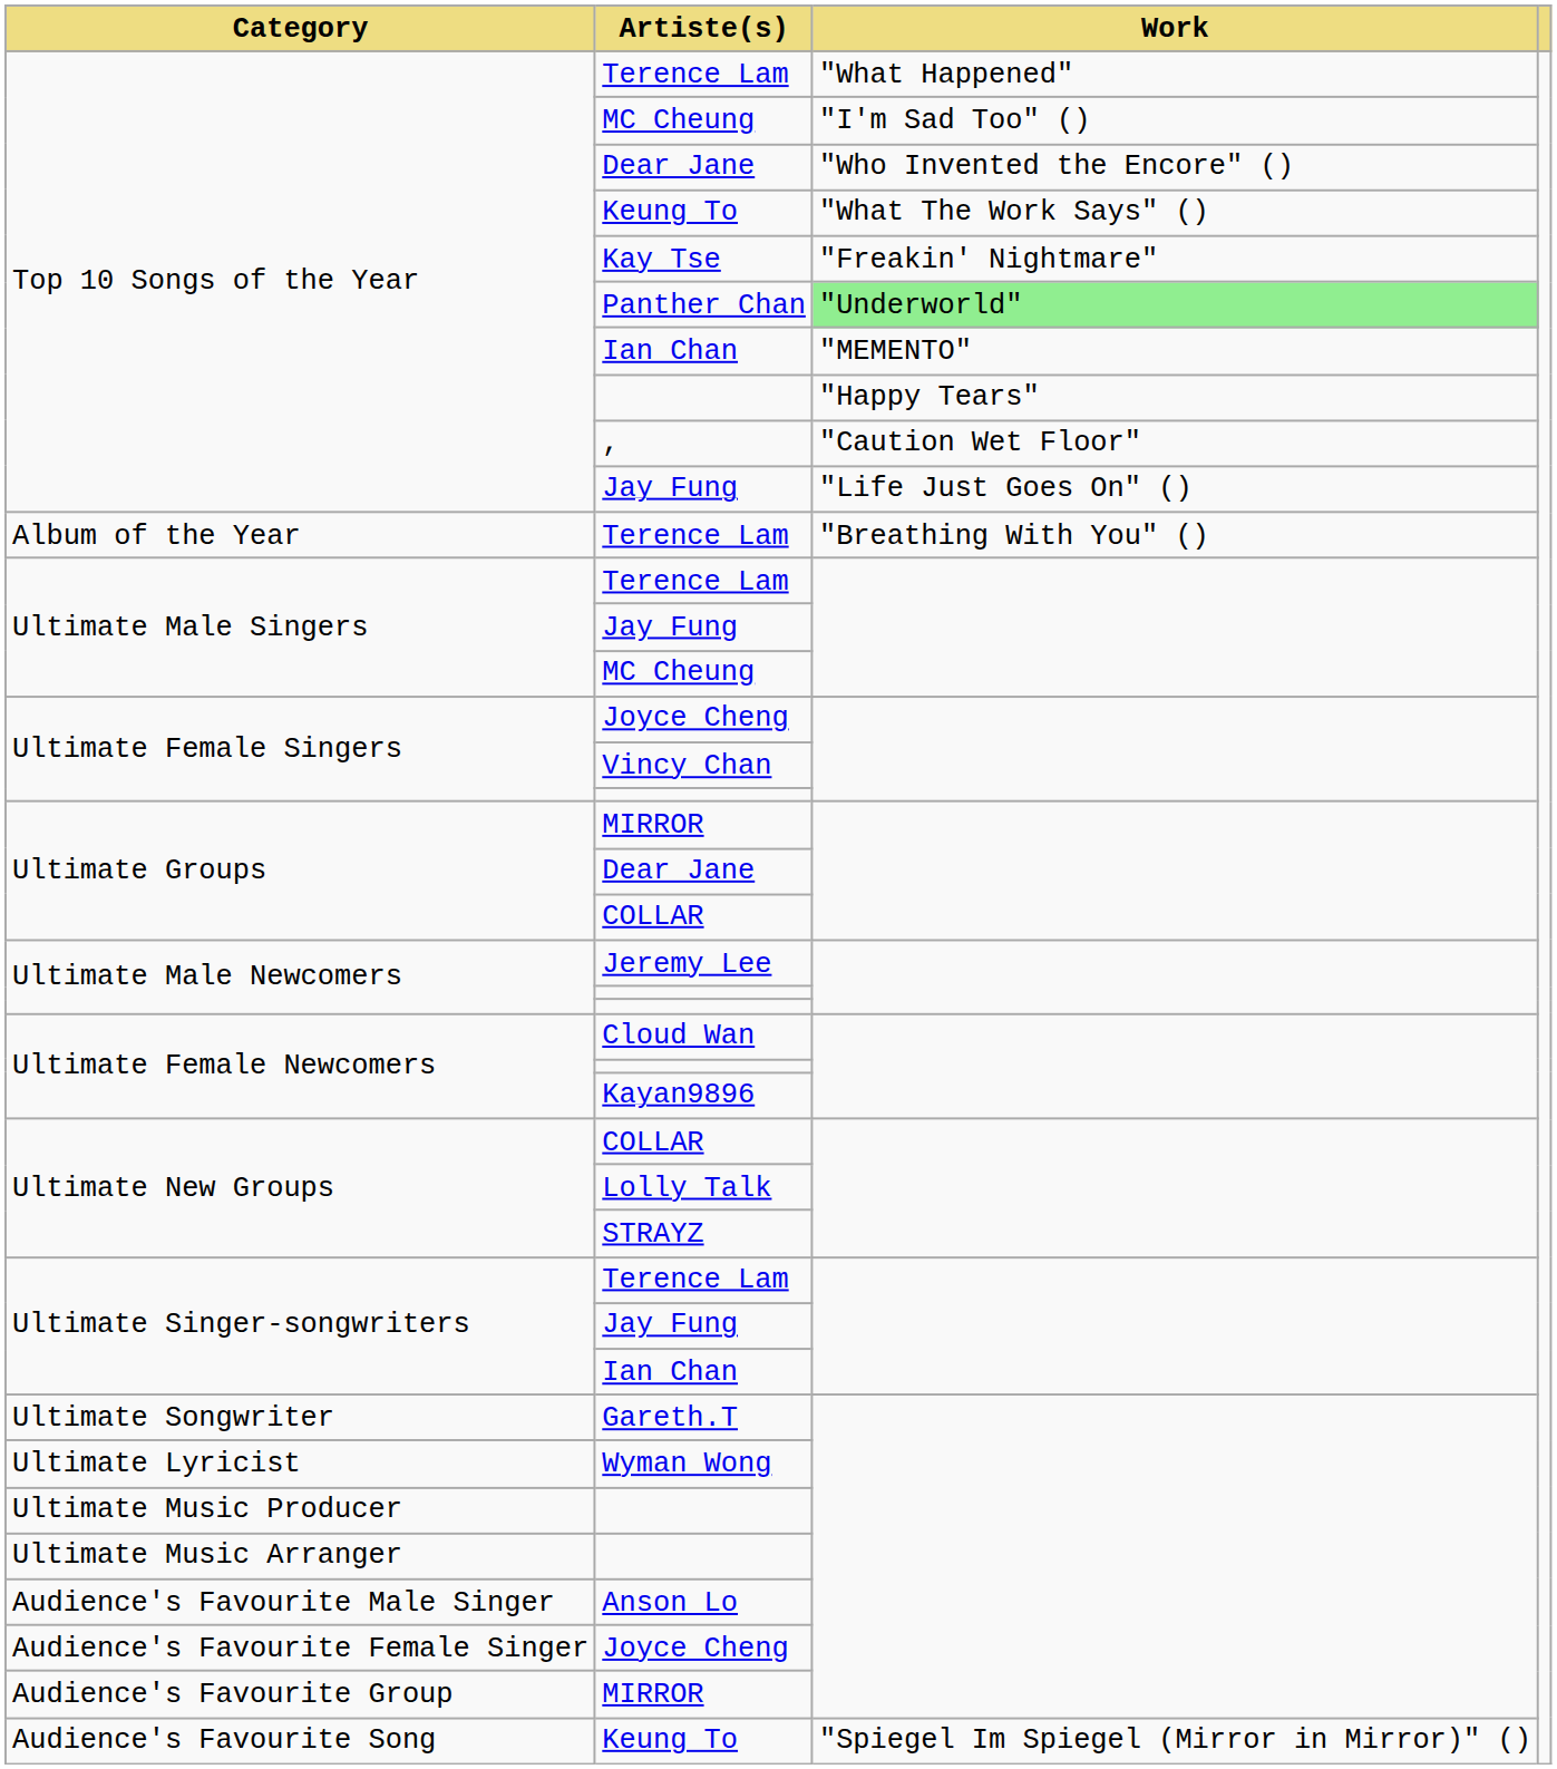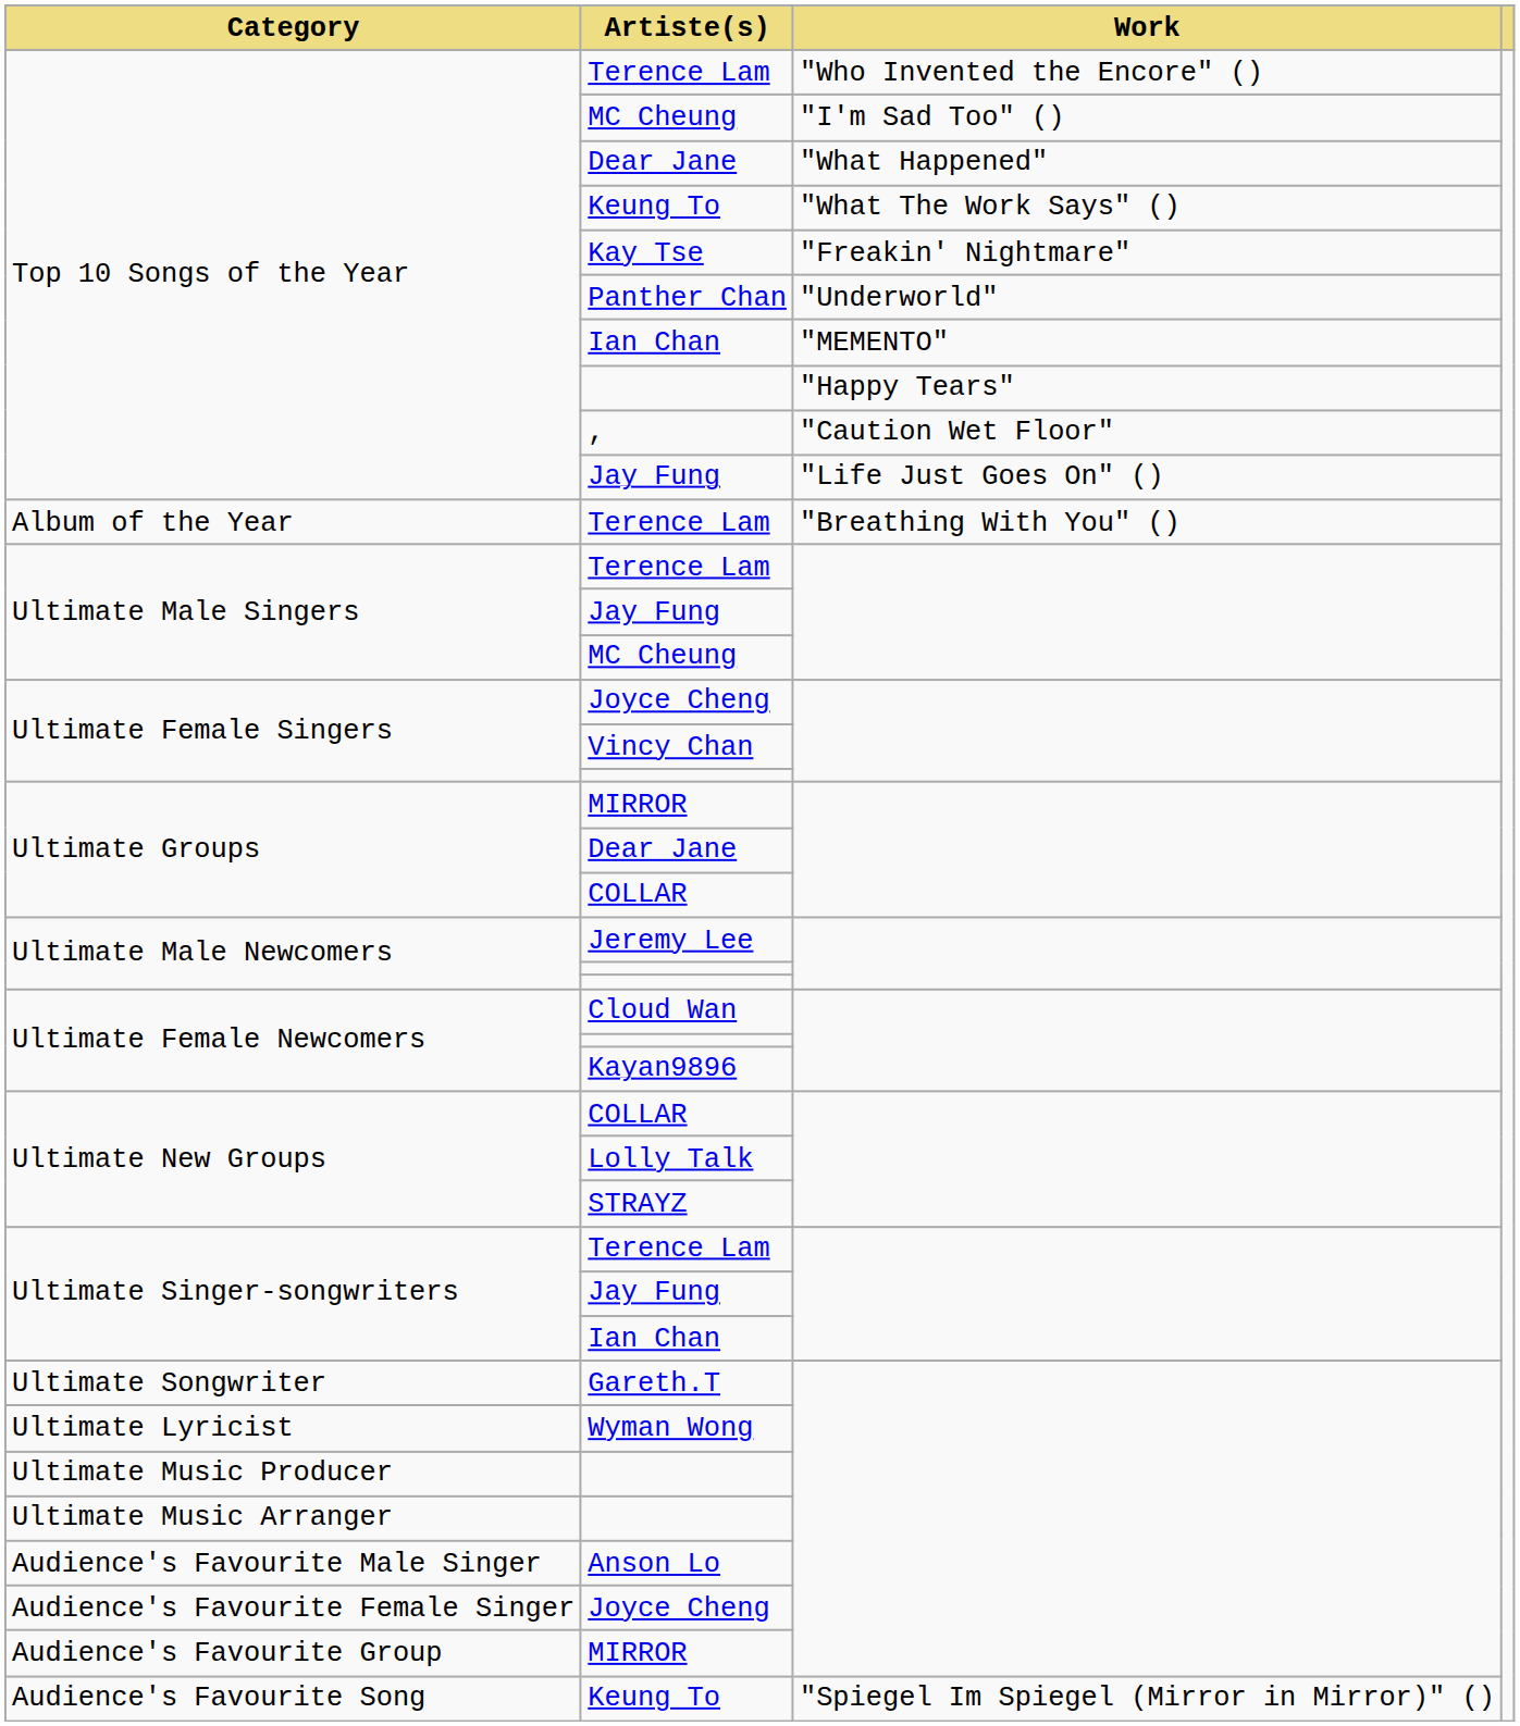 <table class="wikitable">
 <tr>
 <th style="background:#EEDD82">Category</th>
 <th style="background:#EEDD82">Artiste(s)</th>
 <th style="background:#EEDD82">Work</th>
 <th style="background:#EEDD82"></th>
 </tr>
 <tr>
 <td rowspan="10">Top 10 Songs of the Year</td>
 <td><a href='#'>Terence Lam</a></td>
-<td>"What Happened"</td>
+<td>"Who Invented the Encore" ()</td>
 <td rowspan="43"></td>
 </tr>
 <tr>
 <td><a href='#'>MC Cheung</a></td>
 <td>"I'm Sad Too" ()</td>
 </tr>
 <tr>
 <td><a href='#'>Dear Jane</a></td>
-<td>"Who Invented the Encore" ()</td>
+<td>"What Happened"</td>
 </tr>
 <tr>
 <td><a href='#'>Keung To</a></td>
 <td>"What The Work Says" ()</td>
 </tr>
 <tr>
 <td><a href='#'>Kay Tse</a></td>
 <td>"Freakin' Nightmare"</td>
 </tr>
 <tr>
 <td><a href='#'>Panther Chan</a></td>
-<td style="background: lightgreen;">"Underworld"</td>
+<td>"Underworld"</td>
 </tr>
 <tr>
 <td><a href='#'>Ian Chan</a></td>
 <td>"MEMENTO"</td>
 </tr>
 <tr>
 <td></td>
 <td>"Happy Tears"</td>
 </tr>
 <tr>
 <td>, </td>
 <td>"Caution Wet Floor"</td>
 </tr>
 <tr>
 <td><a href='#'>Jay Fung</a></td>
 <td>"Life Just Goes On" ()</td>
 </tr>
 <tr>
 <td>Album of the Year</td>
 <td><a href='#'>Terence Lam</a></td>
 <td>"Breathing With You" () </td>
 </tr>
 <tr>
 <td rowspan="3">Ultimate Male Singers</td>
 <td><a href='#'>Terence Lam</a> </td>
 <td rowspan="3"></td>
 </tr>
 <tr>
 <td><a href='#'>Jay Fung</a> </td>
 </tr>
 <tr>
 <td><a href='#'>MC Cheung</a> </td>
 </tr>
 <tr>
 <td rowspan="3">Ultimate Female Singers</td>
 <td><a href='#'>Joyce Cheng</a> </td>
 <td rowspan="3"></td>
 </tr>
 <tr>
 <td><a href='#'>Vincy Chan</a> </td>
 </tr>
 <tr>
 <td> </td>
 </tr>
 <tr>
 <td rowspan="3">Ultimate Groups</td>
 <td><a href='#'>MIRROR</a> </td>
 <td rowspan="3"></td>
 </tr>
 <tr>
 <td><a href='#'>Dear Jane</a> </td>
 </tr>
 <tr>
 <td><a href='#'>COLLAR</a> </td>
 </tr>
 <tr>
 <td rowspan="3">Ultimate Male Newcomers</td>
 <td><a href='#'>Jeremy Lee</a> </td>
 <td rowspan="3"></td>
 </tr>
 <tr>
 <td> </td>
 </tr>
 <tr>
 <td> </td>
 </tr>
 <tr>
 <td rowspan="3">Ultimate Female Newcomers</td>
 <td><a href='#'>Cloud Wan</a> </td>
 <td rowspan="3"></td>
 </tr>
 <tr>
 <td> </td>
 </tr>
 <tr>
 <td><a href='#'>Kayan9896</a> </td>
 </tr>
 <tr>
 <td rowspan="3">Ultimate New Groups</td>
 <td><a href='#'>COLLAR</a> </td>
 <td rowspan="3"></td>
 </tr>
 <tr>
 <td><a href='#'>Lolly Talk</a> </td>
 </tr>
 <tr>
 <td><a href='#'>STRAYZ</a> </td>
 </tr>
 <tr>
 <td rowspan="3">Ultimate Singer-songwriters</td>
 <td><a href='#'>Terence Lam</a> </td>
 <td rowspan="3"></td>
 </tr>
 <tr>
 <td><a href='#'>Jay Fung</a> </td>
 </tr>
 <tr>
 <td><a href='#'>Ian Chan</a> </td>
 </tr>
 <tr>
 <td>Ultimate Songwriter</td>
 <td><a href='#'>Gareth.T</a></td>
 </tr>
 <tr>
 <td>Ultimate Lyricist</td>
 <td><a href='#'>Wyman Wong</a></td>
 </tr>
 <tr>
 <td>Ultimate Music Producer</td>
 <td></td>
 </tr>
 <tr>
 <td>Ultimate Music Arranger</td>
 <td></td>
 </tr>
 <tr>
 <td>Audience's Favourite Male Singer</td>
 <td><a href='#'>Anson Lo</a></td>
 </tr>
 <tr>
 <td>Audience's Favourite Female Singer</td>
 <td><a href='#'>Joyce Cheng</a></td>
 </tr>
 <tr>
 <td>Audience's Favourite Group</td>
 <td><a href='#'>MIRROR</a></td>
 </tr>
 <tr>
 <td>Audience's Favourite Song</td>
 <td><a href='#'>Keung To</a></td>
 <td>"Spiegel Im Spiegel (Mirror in Mirror)" ()</td>
 </tr>
 </table>
